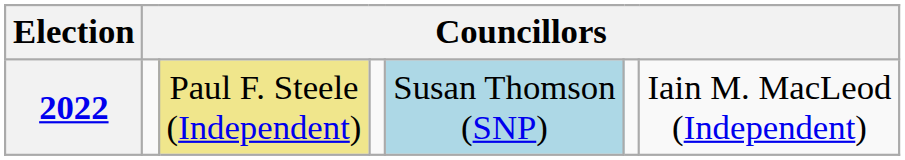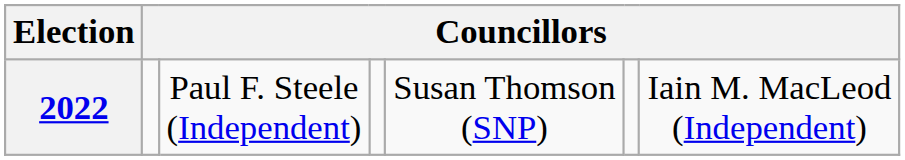 <table class="wikitable" style="text-align:center">
 <tr>
 <th>Election</th>
 <th colspan=6>Councillors</th>
 </tr>
 <tr>
 <th><a href='#'>2022</a></th>
 <td rowspan=1; style="background-color: "></td>
-<td rowspan=1 style="background: khaki;">Paul F. Steele<br>(<a href='#'>Independent</a>)</td>
+<td rowspan=1>Paul F. Steele<br>(<a href='#'>Independent</a>)</td>
 <td rowspan=1; style="background-color: "></td>
-<td rowspan=1 style="background: lightblue;">Susan Thomson<br>(<a href='#'>SNP</a>)</td>
+<td rowspan=1>Susan Thomson<br>(<a href='#'>SNP</a>)</td>
 <td rowspan=1; style="background-color: "></td>
 <td rowspan=1>Iain M. MacLeod<br>(<a href='#'>Independent</a>)</td>
 </tr>
 </table>
